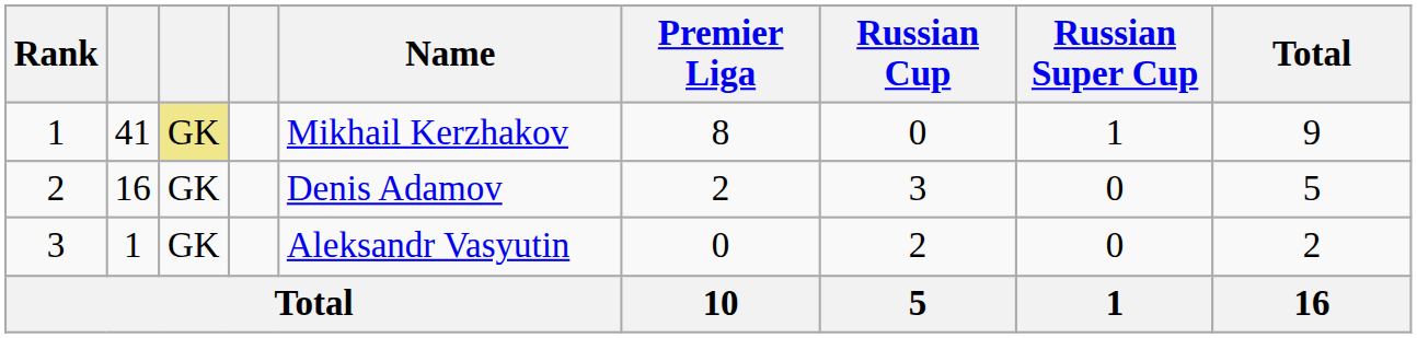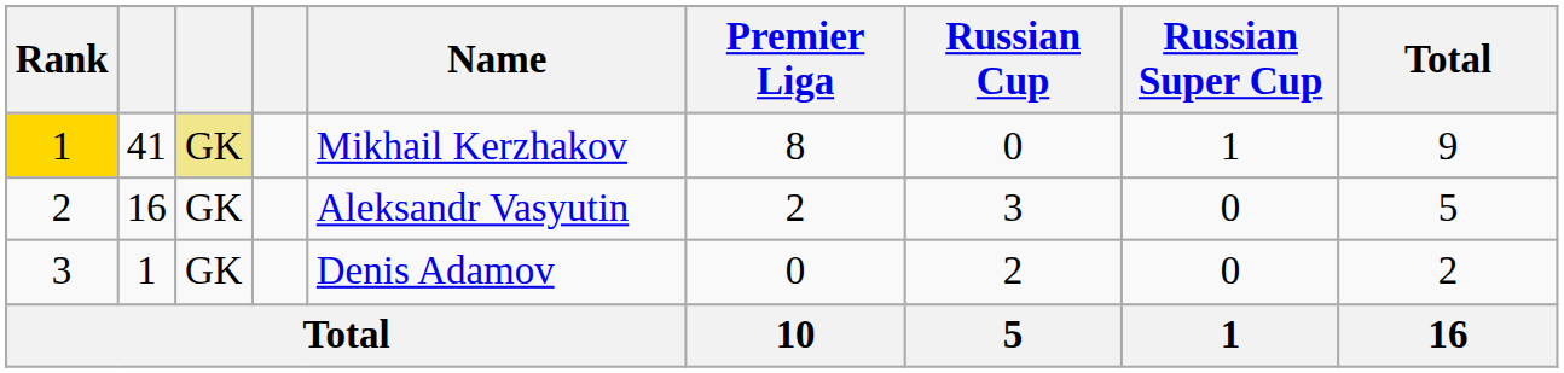 <table class="wikitable" style="text-align:center;">
 <tr>
 <th style="width:15px;">Rank</th>
 <th style="width:15px;"></th>
 <th style="width:15px;"></th>
 <th style="width:15px;"></th>
 <th style="width:145px;">Name</th>
 <th style="width:80px;"><a href='#'>Premier Liga</a></th>
 <th style="width:80px;"><a href='#'>Russian Cup</a></th>
 <th style="width:80px;"><a href='#'>Russian Super Cup</a></th>
 <th style="width:80px;">Total</th>
 </tr>
 <tr>
-<td>1</td>
+<td style="background: gold;">1</td>
 <td>41</td>
 <td style="background: khaki;">GK</td>
 <td></td>
 <td align="left"><a href='#'>Mikhail Kerzhakov</a></td>
 <td>8</td>
 <td>0</td>
 <td>1</td>
 <td>9</td>
 </tr>
 <tr>
 <td>2</td>
 <td>16</td>
 <td>GK</td>
 <td></td>
-<td align="left"><a href='#'>Denis Adamov</a></td>
+<td align="left"><a href='#'>Aleksandr Vasyutin</a></td>
 <td>2</td>
 <td>3</td>
 <td>0</td>
 <td>5</td>
 </tr>
 <tr>
 <td>3</td>
 <td>1</td>
 <td>GK</td>
 <td></td>
-<td align="left"><a href='#'>Aleksandr Vasyutin</a></td>
+<td align="left"><a href='#'>Denis Adamov</a></td>
 <td>0</td>
 <td>2</td>
 <td>0</td>
 <td>2</td>
 </tr>
 <tr>
 <th colspan="5">Total</th>
 <th>10</th>
 <th>5</th>
 <th>1</th>
 <th>16</th>
 </tr>
 </table>
